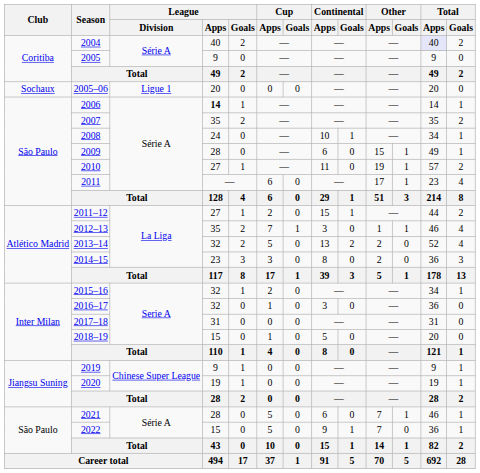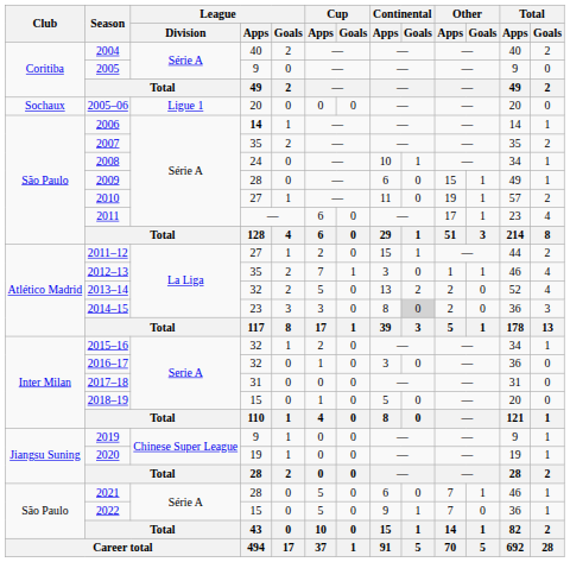 <table class="wikitable" style="text-align:center">
 <tr>
 <th rowspan="2">Club</th>
 <th rowspan="2">Season</th>
 <th colspan="3">League</th>
 <th colspan="2">Cup</th>
 <th colspan="2">Continental</th>
 <th colspan="2">Other</th>
 <th colspan="2">Total</th>
 </tr>
 <tr>
 <th>Division</th>
 <th>Apps</th>
 <th>Goals</th>
 <th>Apps</th>
 <th>Goals</th>
 <th>Apps</th>
 <th>Goals</th>
 <th>Apps</th>
 <th>Goals</th>
 <th>Apps</th>
 <th>Goals</th>
 </tr>
 <tr>
 <td rowspan="3"><a href='#'>Coritiba</a></td>
 <td><a href='#'>2004</a></td>
 <td rowspan="2"><a href='#'>Série A</a></td>
 <td>40</td>
 <td>2</td>
 <td colspan="2">—</td>
 <td colspan="2">—</td>
 <td colspan="2">—</td>
-<td style="background: lavender;">40</td>
+<td>40</td>
 <td>2</td>
 </tr>
 <tr>
 <td><a href='#'>2005</a></td>
 <td>9</td>
 <td>0</td>
 <td colspan="2">—</td>
 <td colspan="2">—</td>
 <td colspan="2">—</td>
 <td>9</td>
 <td>0</td>
 </tr>
 <tr>
 <th colspan="2">Total</th>
 <th>49</th>
 <th>2</th>
 <th colspan="2">—</th>
 <th colspan="2">—</th>
 <th colspan="2">—</th>
 <th>49</th>
 <th>2</th>
 </tr>
 <tr>
 <td><a href='#'>Sochaux</a></td>
 <td><a href='#'>2005–06</a></td>
 <td><a href='#'>Ligue 1</a></td>
 <td>20</td>
 <td>0</td>
 <td>0</td>
 <td>0</td>
 <td colspan="2">—</td>
 <td colspan="2">—</td>
 <td>20</td>
 <td>0</td>
 </tr>
 <tr>
 <td rowspan="7"><a href='#'>São Paulo</a></td>
 <td><a href='#'>2006</a></td>
 <td rowspan="6">Série A</td>
 <td><strong>14</strong></td>
 <td>1</td>
 <td colspan="2">—</td>
 <td colspan="2">—</td>
 <td colspan="2">—</td>
 <td>14</td>
 <td>1</td>
 </tr>
 <tr>
 <td><a href='#'>2007</a></td>
 <td>35</td>
 <td>2</td>
 <td colspan="2">—</td>
 <td colspan="2">—</td>
 <td colspan="2">—</td>
 <td>35</td>
 <td>2</td>
 </tr>
 <tr>
 <td><a href='#'>2008</a></td>
 <td>24</td>
 <td>0</td>
 <td colspan="2">—</td>
 <td>10</td>
 <td>1</td>
 <td colspan="2">—</td>
 <td>34</td>
 <td>1</td>
 </tr>
 <tr>
 <td><a href='#'>2009</a></td>
 <td>28</td>
 <td>0</td>
 <td colspan="2">—</td>
 <td>6</td>
 <td>0</td>
 <td>15</td>
 <td>1</td>
 <td>49</td>
 <td>1</td>
 </tr>
 <tr>
 <td><a href='#'>2010</a></td>
 <td>27</td>
 <td>1</td>
 <td colspan="2">—</td>
 <td>11</td>
 <td>0</td>
 <td>19</td>
 <td>1</td>
 <td>57</td>
 <td>2</td>
 </tr>
 <tr>
 <td><a href='#'>2011</a></td>
 <td colspan="2">—</td>
 <td>6</td>
 <td>0</td>
 <td colspan="2">—</td>
 <td>17</td>
 <td>1</td>
 <td>23</td>
 <td>4</td>
 </tr>
 <tr>
 <th colspan="2">Total</th>
 <th>128</th>
 <th>4</th>
 <th>6</th>
 <th>0</th>
 <th>29</th>
 <th>1</th>
 <th>51</th>
 <th>3</th>
 <th>214</th>
 <th>8</th>
 </tr>
 <tr>
 <td rowspan="5"><a href='#'>Atlético Madrid</a></td>
 <td><a href='#'>2011–12</a></td>
 <td rowspan="4"><a href='#'>La Liga</a></td>
 <td>27</td>
 <td>1</td>
 <td>2</td>
 <td>0</td>
 <td>15</td>
 <td>1</td>
 <td colspan="2">—</td>
 <td>44</td>
 <td>2</td>
 </tr>
 <tr>
 <td><a href='#'>2012–13</a></td>
 <td>35</td>
 <td>2</td>
 <td>7</td>
 <td>1</td>
 <td>3</td>
 <td>0</td>
 <td>1</td>
 <td>1</td>
 <td>46</td>
 <td>4</td>
 </tr>
 <tr>
 <td><a href='#'>2013–14</a></td>
 <td>32</td>
 <td>2</td>
 <td>5</td>
 <td>0</td>
 <td>13</td>
 <td>2</td>
 <td>2</td>
 <td>0</td>
 <td>52</td>
 <td>4</td>
 </tr>
 <tr>
 <td><a href='#'>2014–15</a></td>
 <td>23</td>
 <td>3</td>
 <td>3</td>
 <td>0</td>
 <td>8</td>
-<td>0</td>
+<td style="background: lightgrey;">0</td>
 <td>2</td>
 <td>0</td>
 <td>36</td>
 <td>3</td>
 </tr>
 <tr>
 <th colspan="2">Total</th>
 <th>117</th>
 <th>8</th>
 <th>17</th>
 <th>1</th>
 <th>39</th>
 <th>3</th>
 <th>5</th>
 <th>1</th>
 <th>178</th>
 <th>13</th>
 </tr>
 <tr>
 <td rowspan="5"><a href='#'>Inter Milan</a></td>
 <td><a href='#'>2015–16</a></td>
 <td rowspan="4"><a href='#'>Serie A</a></td>
 <td>32</td>
 <td>1</td>
 <td>2</td>
 <td>0</td>
 <td colspan="2">—</td>
 <td colspan="2">—</td>
 <td>34</td>
 <td>1</td>
 </tr>
 <tr>
 <td><a href='#'>2016–17</a></td>
 <td>32</td>
 <td>0</td>
 <td>1</td>
 <td>0</td>
 <td>3</td>
 <td>0</td>
 <td colspan="2">—</td>
 <td>36</td>
 <td>0</td>
 </tr>
 <tr>
 <td><a href='#'>2017–18</a></td>
 <td>31</td>
 <td>0</td>
 <td>0</td>
 <td>0</td>
 <td colspan="2">—</td>
 <td colspan="2">—</td>
 <td>31</td>
 <td>0</td>
 </tr>
 <tr>
 <td><a href='#'>2018–19</a></td>
 <td>15</td>
 <td>0</td>
 <td>1</td>
 <td>0</td>
 <td>5</td>
 <td>0</td>
 <td colspan="2">—</td>
 <td>20</td>
 <td>0</td>
 </tr>
 <tr>
 <th colspan="2">Total</th>
 <th>110</th>
 <th>1</th>
 <th>4</th>
 <th>0</th>
 <th>8</th>
 <th>0</th>
 <th colspan="2">—</th>
 <th>121</th>
 <th>1</th>
 </tr>
 <tr>
 <td rowspan="3"><a href='#'>Jiangsu Suning</a></td>
 <td><a href='#'>2019</a></td>
 <td rowspan="2"><a href='#'>Chinese Super League</a></td>
 <td>9</td>
 <td>1</td>
 <td>0</td>
 <td>0</td>
 <td colspan="2">—</td>
 <td colspan="2">—</td>
 <td>9</td>
 <td>1</td>
 </tr>
 <tr>
 <td><a href='#'>2020</a></td>
 <td>19</td>
 <td>1</td>
 <td>0</td>
 <td>0</td>
 <td colspan="2">—</td>
 <td colspan="2">—</td>
 <td>19</td>
 <td>1</td>
 </tr>
 <tr>
 <th colspan="2">Total</th>
 <th>28</th>
 <th>2</th>
 <th>0</th>
 <th>0</th>
 <th colspan="2">—</th>
 <th colspan="2">—</th>
 <th>28</th>
 <th>2</th>
 </tr>
 <tr>
 <td rowspan="3">São Paulo</td>
 <td><a href='#'>2021</a></td>
 <td rowspan="2">Série A</td>
 <td>28</td>
 <td>0</td>
 <td>5</td>
 <td>0</td>
 <td>6</td>
 <td>0</td>
 <td>7</td>
 <td>1</td>
 <td>46</td>
 <td>1</td>
 </tr>
 <tr>
 <td><a href='#'>2022</a></td>
 <td>15</td>
 <td>0</td>
 <td>5</td>
 <td>0</td>
 <td>9</td>
 <td>1</td>
 <td>7</td>
 <td>0</td>
 <td>36</td>
 <td>1</td>
 </tr>
 <tr>
 <th colspan="2">Total</th>
 <th>43</th>
 <th>0</th>
 <th>10</th>
 <th>0</th>
 <th>15</th>
 <th>1</th>
 <th>14</th>
 <th>1</th>
 <th>82</th>
 <th>2</th>
 </tr>
 <tr>
 <th colspan="3">Career total</th>
 <th>494</th>
 <th>17</th>
 <th>37</th>
 <th>1</th>
 <th>91</th>
 <th>5</th>
 <th>70</th>
 <th>5</th>
 <th>692</th>
 <th>28</th>
 </tr>
 </table>
